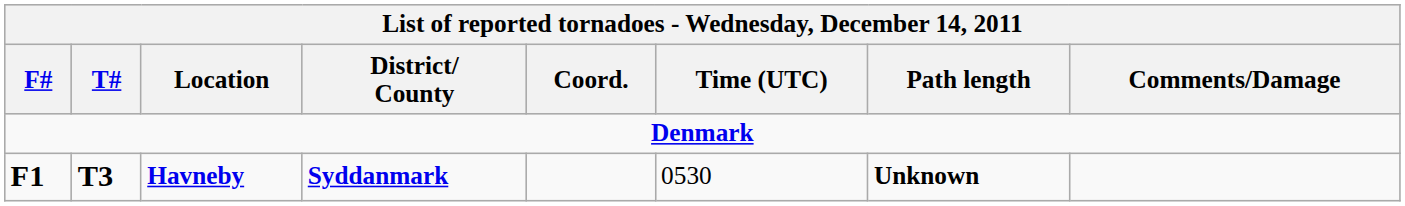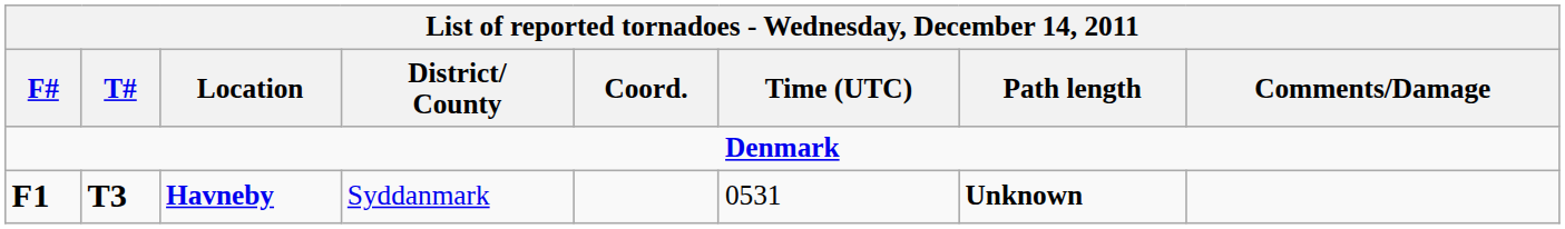 <table class="wikitable collapsible" width="100%">
 <tr>
 <th colspan="8">List of reported tornadoes - Wednesday, December 14, 2011</th>
 </tr>
 <tr>
 <th><a href='#'>F#</a></th>
 <th><a href='#'>T#</a></th>
 <th>Location</th>
 <th>District/<br>County</th>
 <th>Coord.</th>
 <th>Time (UTC)</th>
 <th>Path length</th>
 <th>Comments/Damage</th>
 </tr>
 <tr>
 <td colspan="8" align=center><strong><a href='#'>Denmark</a></strong></td>
 </tr>
 <tr>
 <td><big><strong>F1</strong></big></td>
 <td><big><strong>T3</strong></big></td>
 <td><strong><a href='#'>Havneby</a></strong></td>
-<td><strong><a href='#'>Syddanmark</a></strong></td>
+<td><a href='#'>Syddanmark</a></td>
 <td></td>
-<td>0530</td>
+<td>0531</td>
 <td><strong>Unknown</strong></td>
 <td></td>
 </tr>
 </table>
